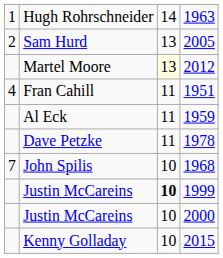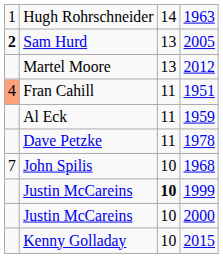 <table class="wikitable">
 <tr>
 </tr>
 <tr>
 <td>1</td>
 <td>Hugh Rohrschneider</td>
 <td>14</td>
 <td><a href='#'>1963</a></td>
 </tr>
 <tr>
-<td>2</td>
+<td><strong>2</strong></td>
 <td><a href='#'>Sam Hurd</a></td>
 <td>13</td>
 <td><a href='#'>2005</a></td>
 </tr>
 <tr>
 <td></td>
 <td>Martel Moore</td>
-<td style="background: lightyellow;">13</td>
+<td>13</td>
 <td><a href='#'>2012</a></td>
 </tr>
 <tr>
-<td>4</td>
+<td style="background: lightsalmon;">4</td>
 <td>Fran Cahill</td>
 <td>11</td>
 <td><a href='#'>1951</a></td>
 </tr>
 <tr>
 <td></td>
 <td>Al Eck</td>
 <td>11</td>
 <td><a href='#'>1959</a></td>
 </tr>
 <tr>
 <td></td>
 <td><a href='#'>Dave Petzke</a></td>
 <td>11</td>
 <td><a href='#'>1978</a></td>
 </tr>
 <tr>
 <td>7</td>
 <td><a href='#'>John Spilis</a></td>
 <td>10</td>
 <td><a href='#'>1968</a></td>
 </tr>
 <tr>
 <td></td>
 <td><a href='#'>Justin McCareins</a></td>
 <td><strong>10</strong></td>
 <td><a href='#'>1999</a></td>
 </tr>
 <tr>
 <td></td>
 <td><a href='#'>Justin McCareins</a></td>
 <td>10</td>
 <td><a href='#'>2000</a></td>
 </tr>
 <tr>
 <td></td>
 <td><a href='#'>Kenny Golladay</a></td>
 <td>10</td>
 <td><a href='#'>2015</a></td>
 </tr>
 </table>
